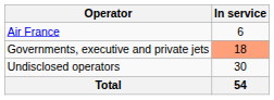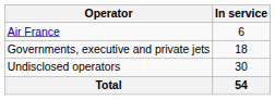 <table class="wikitable sortable" style="text-align:left">
 <tr>
 <th>Operator</th>
 <th>In service</th>
 </tr>
 <tr>
 <td><a href='#'>Air France</a></td>
 <td align="center">6</td>
 </tr>
 <tr>
 <td>Governments, executive and private jets</td>
-<td align="center" style="background: lightsalmon;">18</td>
+<td align="center">18</td>
 </tr>
 <tr>
 <td>Undisclosed operators</td>
 <td align="center">30</td>
 </tr>
 <tr class="sortbottom">
 <th>Total</th>
 <th>54</th>
 </tr>
 </table>
